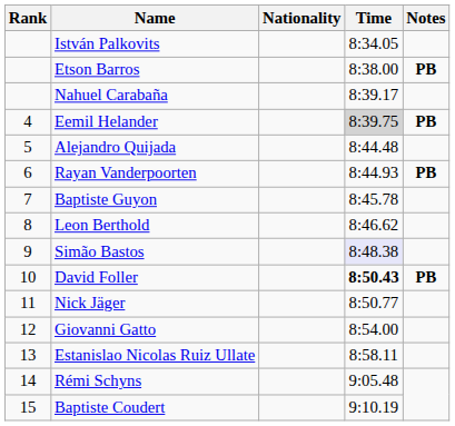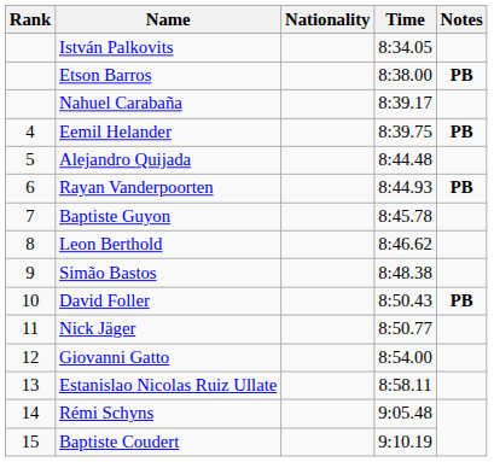 <table class="wikitable sortable" style="text-align:center">
 <tr>
 <th>Rank</th>
 <th>Name</th>
 <th>Nationality</th>
 <th>Time</th>
 <th>Notes</th>
 </tr>
 <tr>
 <td></td>
 <td align=left><a href='#'>István Palkovits</a></td>
 <td align=left></td>
 <td>8:34.05</td>
 <td></td>
 </tr>
 <tr>
 <td></td>
 <td align=left><a href='#'>Etson Barros</a></td>
 <td align=left></td>
 <td>8:38.00</td>
 <td><strong>PB</strong></td>
 </tr>
 <tr>
 <td></td>
 <td align=left><a href='#'>Nahuel Carabaña</a></td>
 <td align=left></td>
 <td>8:39.17</td>
 <td></td>
 </tr>
 <tr>
 <td>4</td>
 <td align=left><a href='#'>Eemil Helander</a></td>
 <td align=left></td>
-<td style="background: lightgrey;">8:39.75</td>
+<td>8:39.75</td>
 <td><strong>PB</strong></td>
 </tr>
 <tr>
 <td>5</td>
 <td align=left><a href='#'>Alejandro Quijada</a></td>
 <td align=left></td>
 <td>8:44.48</td>
 <td></td>
 </tr>
 <tr>
 <td>6</td>
 <td align=left><a href='#'>Rayan Vanderpoorten</a></td>
 <td align=left></td>
 <td>8:44.93</td>
 <td><strong>PB</strong></td>
 </tr>
 <tr>
 <td>7</td>
 <td align=left><a href='#'>Baptiste Guyon</a></td>
 <td align=left></td>
 <td>8:45.78</td>
 <td></td>
 </tr>
 <tr>
 <td>8</td>
 <td align=left><a href='#'>Leon Berthold</a></td>
 <td align=left></td>
 <td>8:46.62</td>
 <td></td>
 </tr>
 <tr>
 <td>9</td>
 <td align=left><a href='#'>Simão Bastos</a></td>
 <td align=left></td>
-<td style="background: lavender;">8:48.38</td>
+<td>8:48.38</td>
 <td></td>
 </tr>
 <tr>
 <td>10</td>
 <td align=left><a href='#'>David Foller</a></td>
 <td align=left></td>
-<td><strong>8:50.43</strong></td>
+<td>8:50.43</td>
 <td><strong>PB</strong></td>
 </tr>
 <tr>
 <td>11</td>
 <td align=left><a href='#'>Nick Jäger</a></td>
 <td align=left></td>
 <td>8:50.77</td>
 <td></td>
 </tr>
 <tr>
 <td>12</td>
 <td align=left><a href='#'>Giovanni Gatto</a></td>
 <td align=left></td>
 <td>8:54.00</td>
 <td></td>
 </tr>
 <tr>
 <td>13</td>
 <td align=left><a href='#'>Estanislao Nicolas Ruiz Ullate</a></td>
 <td align=left></td>
 <td>8:58.11</td>
 <td></td>
 </tr>
 <tr>
 <td>14</td>
 <td align=left><a href='#'>Rémi Schyns</a></td>
 <td align=left></td>
 <td>9:05.48</td>
 </tr>
 <tr>
 <td>15</td>
 <td align=left><a href='#'>Baptiste Coudert</a></td>
 <td align=left></td>
 <td>9:10.19</td>
 </tr>
 </table>
